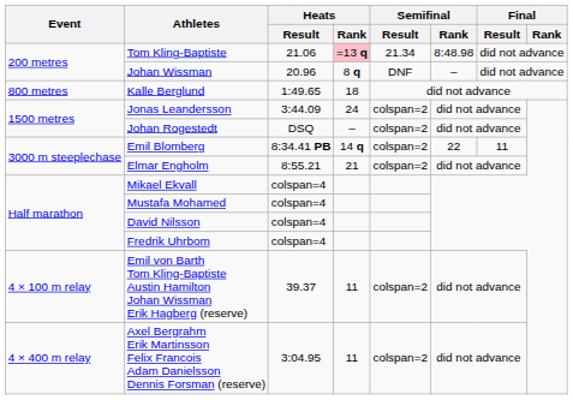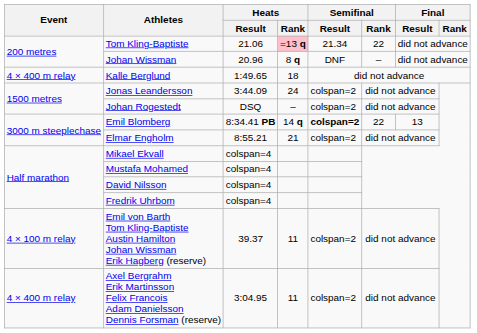 <table class="wikitable" border="1" style="font-size:90%">
 <tr>
 <th rowspan="2">Event</th>
 <th rowspan="2">Athletes</th>
 <th colspan="2">Heats</th>
 <th colspan="2">Semifinal</th>
 <th colspan="2">Final</th>
 </tr>
 <tr>
 <th>Result</th>
 <th>Rank</th>
 <th>Result</th>
 <th>Rank</th>
 <th>Result</th>
 <th>Rank</th>
 </tr>
 <tr>
 <td rowspan=2><a href='#'>200 metres</a></td>
 <td><a href='#'>Tom Kling-Baptiste</a></td>
 <td align=center>21.06</td>
 <td align=center style="background: pink;">=13 <strong>q</strong></td>
 <td align=center>21.34</td>
-<td align=center>8:48.98</td>
+<td align=center>22</td>
 <td align=center colspan=2>did not advance</td>
 </tr>
 <tr>
 <td><a href='#'>Johan Wissman</a></td>
 <td align=center>20.96</td>
 <td align=center>8 <strong>q</strong></td>
 <td align=center>DNF</td>
 <td align=center>–</td>
 <td align=center colspan=2>did not advance</td>
 </tr>
 <tr>
-<td><a href='#'>800 metres</a></td>
+<td><a href='#'>4 × 400 m relay</a></td>
 <td><a href='#'>Kalle Berglund</a></td>
 <td align=center>1:49.65</td>
 <td align=center>18</td>
 <td align=center colspan=4>did not advance</td>
 </tr>
 <tr>
 <td rowspan=2><a href='#'>1500 metres</a></td>
 <td><a href='#'>Jonas Leandersson</a></td>
 <td align=center>3:44.09</td>
 <td align=center>24</td>
 <td>colspan=2 </td>
 <td align=center colspan=2>did not advance</td>
 </tr>
 <tr>
 <td><a href='#'>Johan Rogestedt</a></td>
 <td align=center>DSQ</td>
 <td align=center>–</td>
 <td>colspan=2 </td>
 <td align=center colspan=2>did not advance</td>
 </tr>
 <tr>
 <td rowspan=2><a href='#'>3000 m steeplechase</a></td>
 <td><a href='#'>Emil Blomberg</a></td>
 <td align=center>8:34.41 <strong>PB</strong></td>
 <td align=center>14 <strong>q</strong></td>
-<td>colspan=2 </td>
+<td><strong>colspan=2 </strong></td>
 <td align=center>22</td>
-<td align=center>11</td>
+<td align=center>13</td>
 </tr>
 <tr>
 <td><a href='#'>Elmar Engholm</a></td>
 <td align=center>8:55.21</td>
 <td align=center>21</td>
 <td>colspan=2 </td>
 <td align=center colspan=2>did not advance</td>
 </tr>
 <tr>
 <td rowspan=4><a href='#'>Half marathon</a></td>
 <td><a href='#'>Mikael Ekvall</a></td>
 <td>colspan=4 </td>
 <td align=center></td>
 <td align=center></td>
 </tr>
 <tr>
 <td><a href='#'>Mustafa Mohamed</a></td>
 <td>colspan=4 </td>
 <td align=center></td>
 <td align=center></td>
 </tr>
 <tr>
 <td><a href='#'>David Nilsson</a></td>
 <td>colspan=4 </td>
 <td align=center></td>
 <td align=center></td>
 </tr>
 <tr>
 <td><a href='#'>Fredrik Uhrbom</a></td>
 <td>colspan=4 </td>
 <td align=center></td>
 <td align=center></td>
 </tr>
 <tr>
 <td><a href='#'>4 × 100 m relay</a></td>
 <td><a href='#'>Emil von Barth</a><br><a href='#'>Tom Kling-Baptiste</a><br><a href='#'>Austin Hamilton</a><br><a href='#'>Johan Wissman</a><br><a href='#'>Erik Hagberg</a> (reserve)</td>
 <td align=center>39.37</td>
 <td align=center>11</td>
 <td>colspan=2 </td>
 <td align=center colspan=2>did not advance</td>
 </tr>
 <tr>
 <td><a href='#'>4 × 400 m relay</a></td>
 <td><a href='#'>Axel Bergrahm</a><br><a href='#'>Erik Martinsson</a><br><a href='#'>Felix Francois</a><br><a href='#'>Adam Danielsson</a><br><a href='#'>Dennis Forsman</a> (reserve)</td>
 <td align=center>3:04.95</td>
 <td align=center>11</td>
 <td>colspan=2 </td>
 <td align=center colspan=2>did not advance</td>
 </tr>
 </table>
